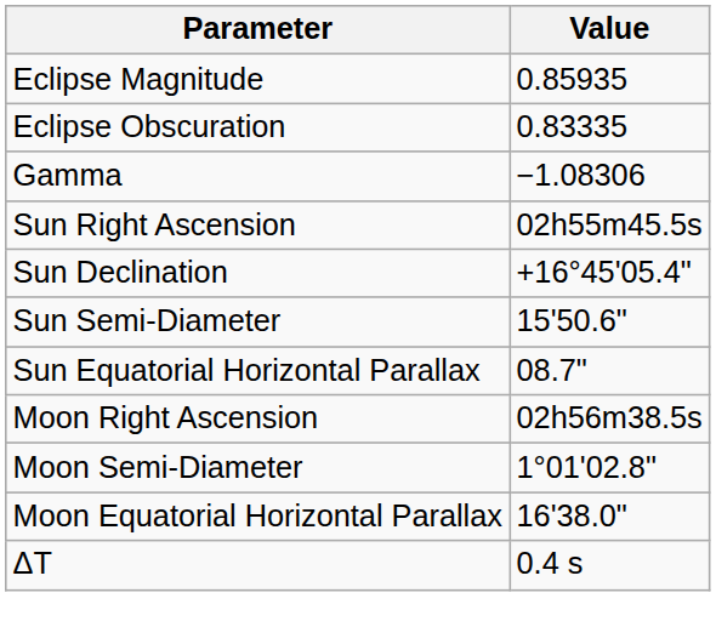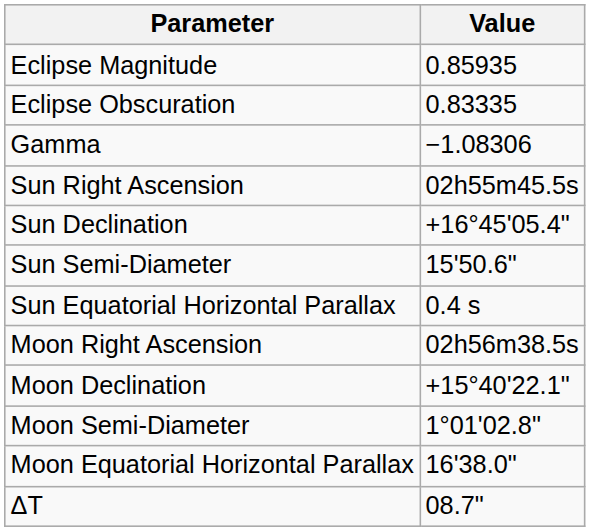 <table class="wikitable">
 <tr>
 <th>Parameter</th>
 <th>Value</th>
 </tr>
 <tr>
 <td>Eclipse Magnitude</td>
 <td>0.85935</td>
 </tr>
 <tr>
 <td>Eclipse Obscuration</td>
 <td>0.83335</td>
 </tr>
 <tr>
 <td>Gamma</td>
 <td>−1.08306</td>
 </tr>
 <tr>
 <td>Sun Right Ascension</td>
 <td>02h55m45.5s</td>
 </tr>
 <tr>
 <td>Sun Declination</td>
 <td>+16°45'05.4"</td>
 </tr>
 <tr>
 <td>Sun Semi-Diameter</td>
 <td>15'50.6"</td>
 </tr>
 <tr>
 <td>Sun Equatorial Horizontal Parallax</td>
-<td>08.7"</td>
+<td>0.4 s</td>
 </tr>
 <tr>
 <td>Moon Right Ascension</td>
 <td>02h56m38.5s</td>
+</tr>
+<tr>
+<td>Moon Declination</td>
+<td>+15°40'22.1"</td>
 </tr>
 <tr>
 <td>Moon Semi-Diameter</td>
 <td>1°01'02.8"</td>
 </tr>
 <tr>
 <td>Moon Equatorial Horizontal Parallax</td>
 <td>16'38.0"</td>
 </tr>
 <tr>
 <td>ΔT</td>
-<td>0.4 s</td>
+<td>08.7"</td>
 </tr>
 </table>
